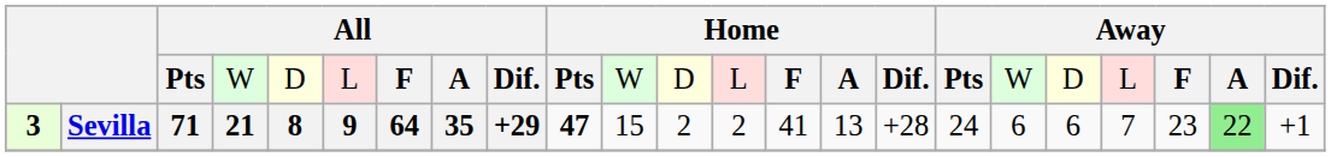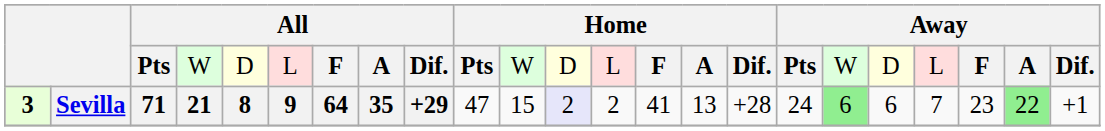 <table class="wikitable" style="font-size: 90%">
 <tr>
 <th rowspan="2" colspan="2"></th>
 <th colspan="7">All</th>
 <th colspan="7">Home</th>
 <th colspan="7">Away</th>
 </tr>
 <tr>
 <th width="20">Pts</th>
 <td bgcolor="#ddffdd" align="center" width="20">W</td>
 <td bgcolor="#ffffdd" align="center" width="20">D</td>
 <td bgcolor="#ffdddd" align="center" width="20">L</td>
 <th width="20">F</th>
 <th width="20">A</th>
 <th width="20">Dif.</th>
 <th width="20">Pts</th>
 <td bgcolor="#ddffdd" align="center" width="20">W</td>
 <td bgcolor="#ffffdd" align="center" width="20">D</td>
 <td bgcolor="#ffdddd" align="center" width="20">L</td>
 <th width="20">F</th>
 <th width="20">A</th>
 <th width="20">Dif.</th>
 <th width="20">Pts</th>
 <td bgcolor="#ddffdd" align="center" width="20">W</td>
 <td bgcolor="#ffffdd" align="center" width="20">D</td>
 <td bgcolor="#ffdddd" align="center" width="20">L</td>
 <th width="20">F</th>
 <th width="20">A</th>
 <th width="20">Dif.</th>
 </tr>
 <tr>
 <td width="20" align="center" bgcolor="#E8FFD8"><strong>3</strong></td>
 <th><a href='#'>Sevilla</a></th>
 <th>71</th>
 <th>21</th>
 <th>8</th>
 <th>9</th>
 <th>64</th>
 <th>35</th>
 <th>+29</th>
-<td align="center"><strong>47</strong></td>
+<td align="center">47</td>
 <td align="center">15</td>
-<td align="center">2</td>
+<td align="center" style="background: lavender;">2</td>
 <td align="center">2</td>
 <td align="center">41</td>
 <td align="center">13</td>
 <td align="center">+28</td>
 <td align="center">24</td>
-<td align="center">6</td>
+<td align="center" style="background: lightgreen;">6</td>
 <td align="center">6</td>
 <td align="center">7</td>
 <td align="center">23</td>
 <td align="center" style="background: lightgreen;">22</td>
 <td align="center">+1</td>
 </tr>
 <tr>
 </tr>
 </table>
